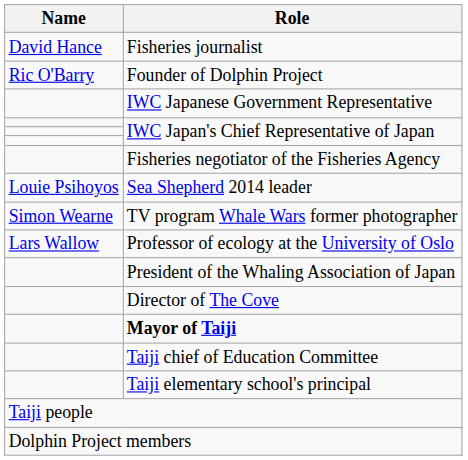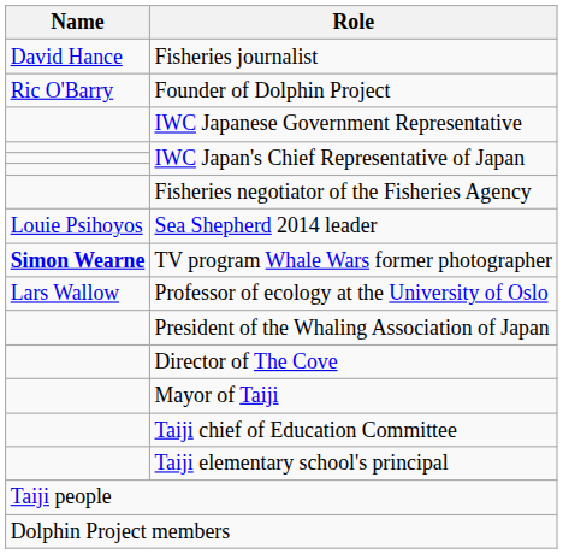 <table class="wikitable">
 <tr>
 <th>Name</th>
 <th>Role</th>
 </tr>
 <tr>
 <td><a href='#'>David Hance</a></td>
 <td>Fisheries journalist</td>
 </tr>
 <tr>
 <td><a href='#'>Ric O'Barry</a></td>
 <td>Founder of Dolphin Project</td>
 </tr>
 <tr>
 <td></td>
 <td><a href='#'>IWC</a> Japanese Government Representative</td>
 </tr>
 <tr>
 <td></td>
 <td rowspan="3"><a href='#'>IWC</a> Japan's Chief Representative of Japan</td>
 </tr>
 <tr>
 <td></td>
 </tr>
 <tr>
 <td></td>
 </tr>
 <tr>
 <td></td>
 <td>Fisheries negotiator of the Fisheries Agency</td>
 </tr>
 <tr>
 <td><a href='#'>Louie Psihoyos</a></td>
 <td><a href='#'>Sea Shepherd</a> 2014 leader</td>
 </tr>
 <tr>
-<td><a href='#'>Simon Wearne</a></td>
+<td><strong><a href='#'>Simon Wearne</a></strong></td>
 <td>TV program <a href='#'>Whale Wars</a> former photographer</td>
 </tr>
 <tr>
 <td><a href='#'>Lars Wallow</a></td>
 <td>Professor of ecology at the <a href='#'>University of Oslo</a></td>
 </tr>
 <tr>
 <td></td>
 <td>President of the Whaling Association of Japan</td>
 </tr>
 <tr>
 <td></td>
 <td>Director of <a href='#'>The Cove</a></td>
 </tr>
 <tr>
 <td></td>
-<td><strong>Mayor of <a href='#'>Taiji</a></strong></td>
+<td>Mayor of <a href='#'>Taiji</a></td>
 </tr>
 <tr>
 <td></td>
 <td><a href='#'>Taiji</a> chief of Education Committee</td>
 </tr>
 <tr>
 <td></td>
 <td><a href='#'>Taiji</a> elementary school's principal</td>
 </tr>
 <tr>
 <td colspan="2"><a href='#'>Taiji</a> people</td>
 </tr>
 <tr>
 <td colspan="2">Dolphin Project members</td>
 </tr>
 </table>
